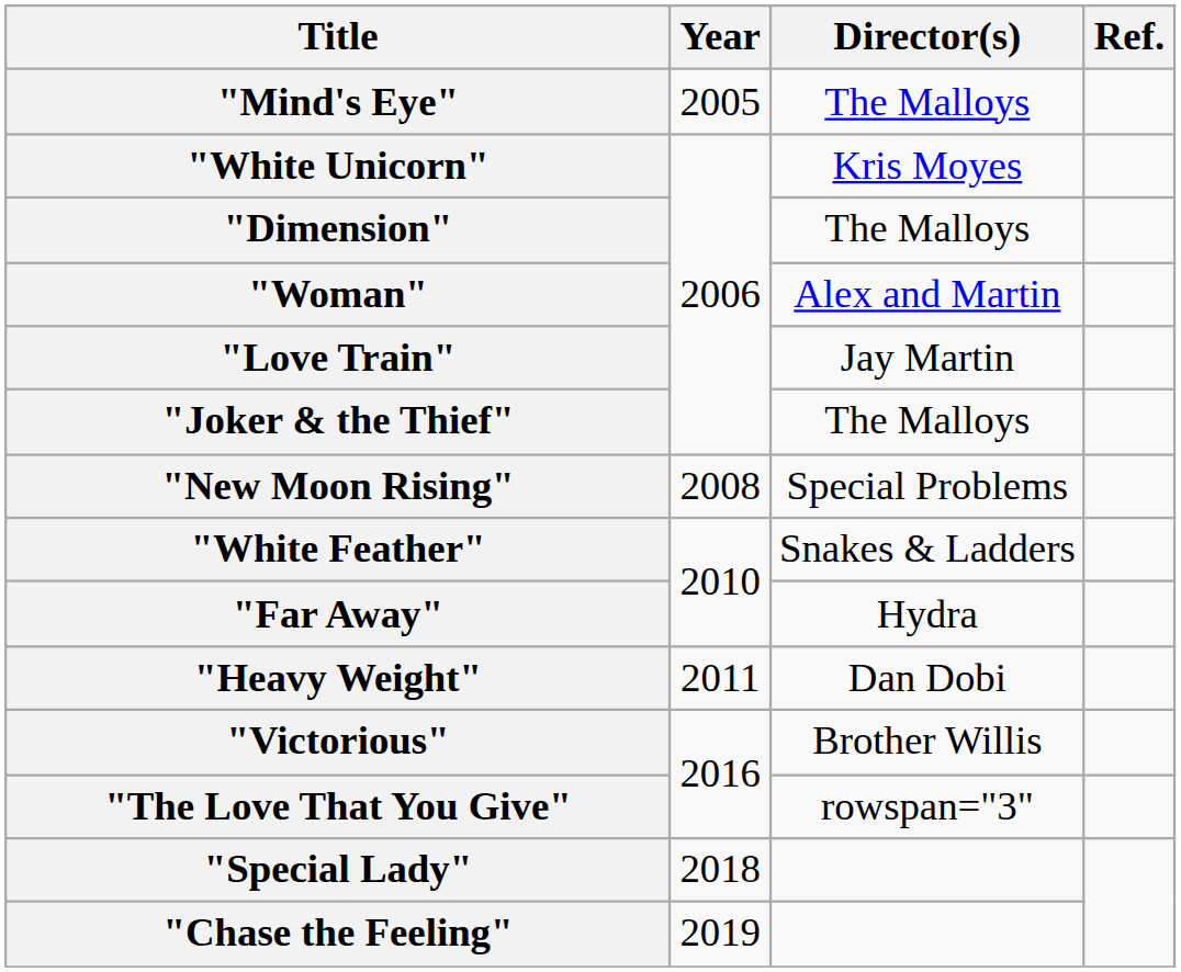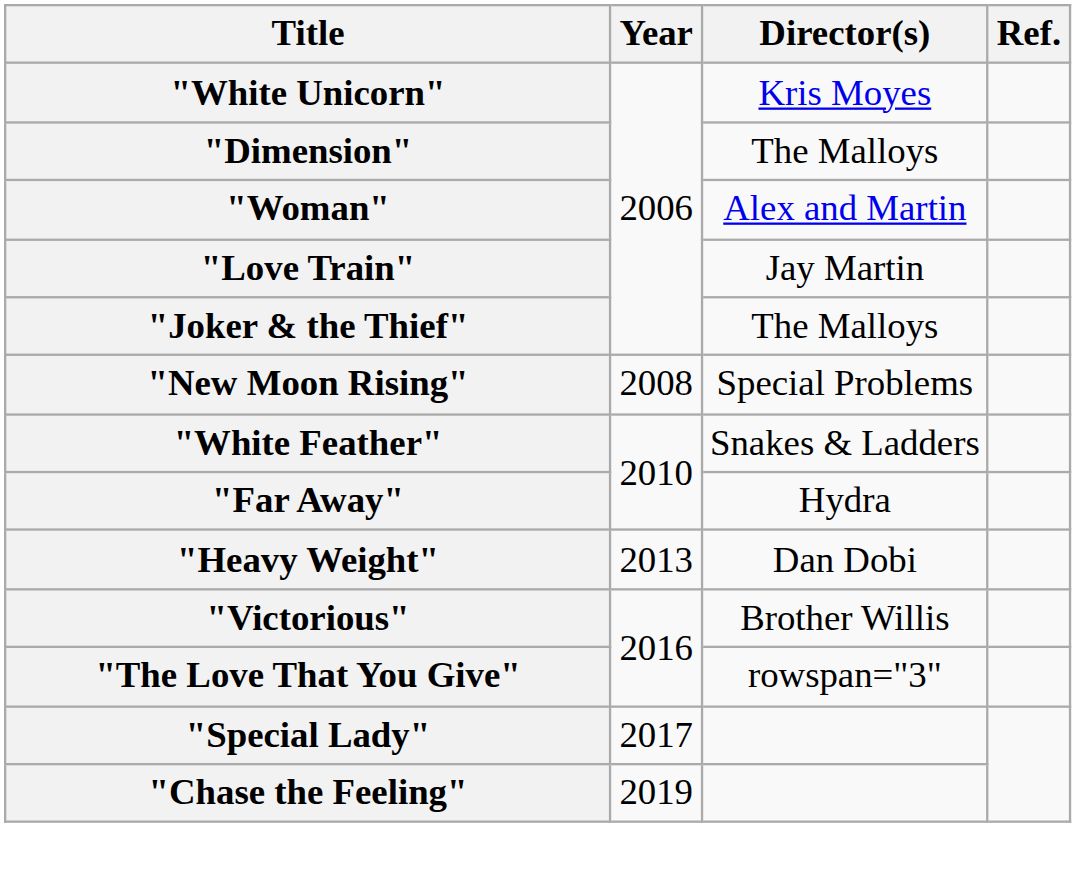 <table class="wikitable plainrowheaders" style="text-align:center;" border="1">
 <tr>
 <th scope="col" style="width:16em;">Title</th>
 <th scope="col">Year</th>
 <th scope="col">Director(s)</th>
 <th scope="col">Ref.</th>
-</tr>
-<tr>
-<th scope="row">"Mind's Eye"</th>
-<td>2005</td>
-<td><a href='#'>The Malloys</a></td>
-<td></td>
 </tr>
 <tr>
 <th scope="row">"White Unicorn"</th>
 <td rowspan="5">2006</td>
 <td><a href='#'>Kris Moyes</a></td>
 <td></td>
 </tr>
 <tr>
 <th scope="row">"Dimension"</th>
 <td>The Malloys</td>
 <td></td>
 </tr>
 <tr>
 <th scope="row">"Woman"</th>
 <td><a href='#'>Alex and Martin</a></td>
 <td></td>
 </tr>
 <tr>
 <th scope="row">"Love Train"</th>
 <td>Jay Martin</td>
 <td></td>
 </tr>
 <tr>
 <th scope="row">"Joker & the Thief"</th>
 <td>The Malloys</td>
 <td></td>
 </tr>
 <tr>
 <th scope="row">"New Moon Rising"</th>
 <td>2008</td>
 <td>Special Problems</td>
 <td></td>
 </tr>
 <tr>
 <th scope="row">"White Feather"</th>
 <td rowspan="2">2010</td>
 <td>Snakes & Ladders</td>
 <td></td>
 </tr>
 <tr>
 <th scope="row">"Far Away"</th>
 <td>Hydra</td>
 <td></td>
 </tr>
 <tr>
 <th scope="row">"Heavy Weight"</th>
-<td>2011</td>
+<td>2013</td>
 <td>Dan Dobi</td>
 <td></td>
 </tr>
 <tr>
 <th scope="row">"Victorious"</th>
 <td rowspan="2">2016</td>
 <td>Brother Willis</td>
 <td></td>
 </tr>
 <tr>
 <th scope="row">"The Love That You Give"</th>
 <td>rowspan="3" </td>
 <td></td>
 </tr>
 <tr>
 <th scope="row">"Special Lady"</th>
-<td>2018</td>
+<td>2017</td>
 <td></td>
 </tr>
 <tr>
 <th scope="row">"Chase the Feeling"<br></th>
 <td>2019</td>
 <td></td>
 </tr>
 </table>
